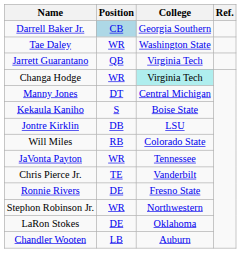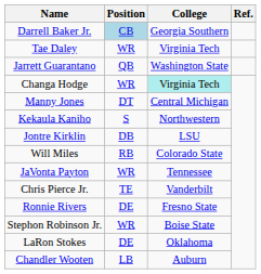 <table class="wikitable" style="text-align:center">
 <tr>
 <th>Name</th>
 <th>Position</th>
 <th>College</th>
 <th>Ref.</th>
 </tr>
 <tr>
 <td><a href='#'>Darrell Baker Jr.</a></td>
 <td style="background: lightblue;"><a href='#'>CB</a></td>
 <td><a href='#'>Georgia Southern</a></td>
 <td></td>
 </tr>
 <tr>
 <td><a href='#'>Tae Daley</a></td>
 <td><a href='#'>WR</a></td>
-<td><a href='#'>Washington State</a></td>
+<td><a href='#'>Virginia Tech</a></td>
 <td></td>
 </tr>
 <tr>
 <td><a href='#'>Jarrett Guarantano</a></td>
 <td><a href='#'>QB</a></td>
-<td><a href='#'>Virginia Tech</a></td>
+<td><a href='#'>Washington State</a></td>
 <td></td>
 </tr>
 <tr>
 <td>Changa Hodge</td>
 <td><a href='#'>WR</a></td>
 <td style="background: paleturquoise;">Virginia Tech</td>
 <td rowspan = 11></td>
 </tr>
 <tr>
 <td><a href='#'>Manny Jones</a></td>
 <td><a href='#'>DT</a></td>
 <td><a href='#'>Central Michigan</a></td>
 </tr>
 <tr>
 <td><a href='#'>Kekaula Kaniho</a></td>
 <td><a href='#'>S</a></td>
-<td><a href='#'>Boise State</a></td>
+<td><a href='#'>Northwestern</a></td>
 </tr>
 <tr>
 <td><a href='#'>Jontre Kirklin</a></td>
 <td><a href='#'>DB</a></td>
 <td><a href='#'>LSU</a></td>
 </tr>
 <tr>
 <td>Will Miles</td>
 <td><a href='#'>RB</a></td>
 <td><a href='#'>Colorado State</a></td>
 </tr>
 <tr>
 <td><a href='#'>JaVonta Payton</a></td>
 <td><a href='#'>WR</a></td>
 <td><a href='#'>Tennessee</a></td>
 </tr>
 <tr>
 <td>Chris Pierce Jr.</td>
 <td><a href='#'>TE</a></td>
 <td><a href='#'>Vanderbilt</a></td>
 </tr>
 <tr>
 <td><a href='#'>Ronnie Rivers</a></td>
 <td><a href='#'>DE</a></td>
 <td><a href='#'>Fresno State</a></td>
 </tr>
 <tr>
 <td>Stephon Robinson Jr.</td>
 <td><a href='#'>WR</a></td>
-<td><a href='#'>Northwestern</a></td>
+<td><a href='#'>Boise State</a></td>
 </tr>
 <tr>
 <td>LaRon Stokes</td>
 <td><a href='#'>DE</a></td>
 <td><a href='#'>Oklahoma</a></td>
 </tr>
 <tr>
 <td><a href='#'>Chandler Wooten</a></td>
 <td><a href='#'>LB</a></td>
 <td><a href='#'>Auburn</a></td>
 </tr>
 </table>
